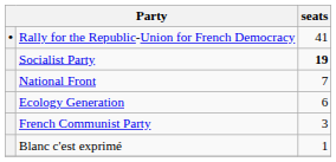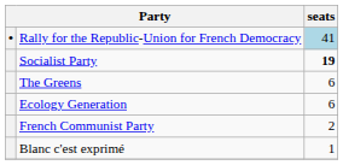 <table class="wikitable" style="font-size: 95%;">
 <tr>
 <th colspan=2>Party</th>
 <th>seats</th>
 </tr>
 <tr>
 <th style="background-color: "><span>•</span></th>
 <td><a href='#'>Rally for the Republic</a>-<a href='#'>Union for French Democracy</a></td>
-<td align="right">41</td>
+<td align="right" style="background: lightblue;">41</td>
 </tr>
 <tr>
 <th style="background-color: "></th>
 <td><a href='#'>Socialist Party</a></td>
 <td align="right"><strong>19</strong></td>
 </tr>
 <tr>
 <th style="background-color: "></th>
-<td><a href='#'>National Front</a></td>
-<td align="right">7</td>
+<td><a href='#'>The Greens</a></td>
+<td align="right">6</td>
 </tr>
 <tr>
 <th style="background-color: "></th>
 <td><a href='#'>Ecology Generation</a></td>
 <td align="right">6</td>
 </tr>
 <tr>
 <th style="background-color: "></th>
 <td><a href='#'>French Communist Party</a></td>
-<td align="right">3</td>
+<td align="right">2</td>
 </tr>
 <tr>
 <th style="background-color: "></th>
 <td>Blanc c'est exprimé</td>
 <td align="right">1</td>
 </tr>
 <tr>
 </tr>
 </table>
